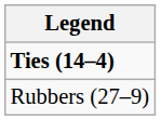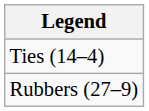 <table class="wikitable" style=font-size:90%>
 <tr>
 <th>Legend</th>
 </tr>
 <tr>
-<td><strong>Ties (14–4)</strong></td>
+<td>Ties (14–4)</td>
 </tr>
 <tr>
 <td>Rubbers (27–9)</td>
 </tr>
 </table>
